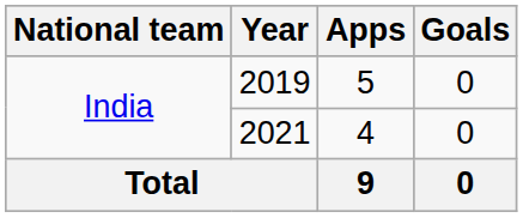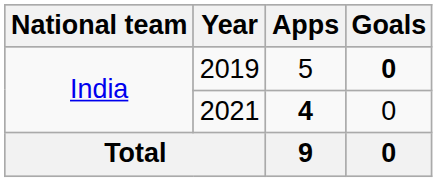 <table class="wikitable" style="text-align: center;">
 <tr>
 <th>National team</th>
 <th>Year</th>
 <th>Apps</th>
 <th>Goals</th>
 </tr>
 <tr>
 <td rowspan="2"><a href='#'>India</a></td>
 <td>2019</td>
 <td>5</td>
-<td>0</td>
+<td><strong>0</strong></td>
 </tr>
 <tr>
 <td>2021</td>
-<td>4</td>
+<td><strong>4</strong></td>
 <td>0</td>
 </tr>
 <tr>
 <th colspan="2">Total</th>
 <th>9</th>
 <th>0</th>
 </tr>
 </table>
